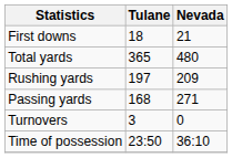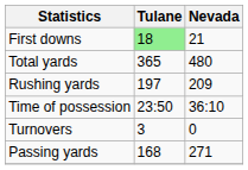 <table class="wikitable">
 <tr>
 <th>Statistics</th>
 <th>Tulane</th>
 <th>Nevada</th>
 </tr>
 <tr>
 <td>First downs</td>
-<td>18</td>
+<td style="background: lightgreen;">18</td>
 <td>21</td>
 </tr>
 <tr>
 <td>Total yards</td>
 <td>365</td>
 <td>480</td>
 </tr>
 <tr>
 <td>Rushing yards</td>
 <td>197</td>
 <td>209</td>
 </tr>
 <tr>
-<td>Passing yards</td>
-<td>168</td>
-<td>271</td>
+<td>Time of possession</td>
+<td>23:50</td>
+<td>36:10</td>
 </tr>
 <tr>
 <td>Turnovers</td>
 <td>3</td>
 <td>0</td>
 </tr>
 <tr>
-<td>Time of possession</td>
-<td>23:50</td>
-<td>36:10</td>
+<td>Passing yards</td>
+<td>168</td>
+<td>271</td>
 </tr>
 <tr>
 </tr>
 </table>
